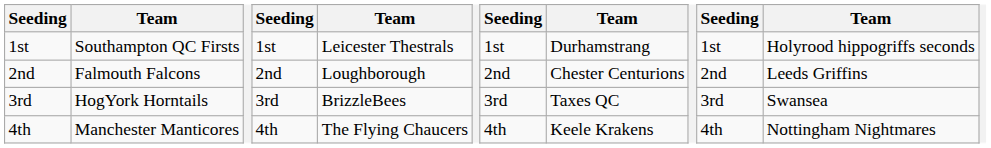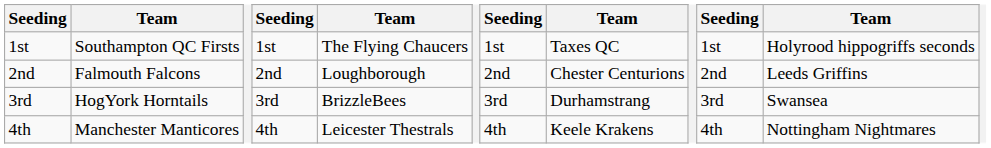 <table class="wikitable" style="border: none;">
 <tr>
 <th>Seeding</th>
 <th>Team</th>
 <th rowspan="10" style="border: none;"></th>
 <th>Seeding</th>
 <th>Team</th>
 <th rowspan="10" style="border: none;"></th>
 <th>Seeding</th>
 <th>Team</th>
 <th rowspan="10" style="border: none;"></th>
 <th>Seeding</th>
 <th>Team</th>
 <th rowspan="10" style="border: none;"></th>
 </tr>
 <tr>
 <td>1st</td>
 <td>Southampton QC Firsts</td>
 <td>1st</td>
-<td>Leicester Thestrals</td>
+<td>The Flying Chaucers</td>
 <td>1st</td>
-<td>Durhamstrang</td>
+<td>Taxes QC</td>
 <td>1st</td>
 <td>Holyrood hippogriffs seconds</td>
 </tr>
 <tr>
 <td>2nd</td>
 <td>Falmouth Falcons</td>
 <td>2nd</td>
 <td>Loughborough</td>
 <td>2nd</td>
 <td>Chester Centurions</td>
 <td>2nd</td>
 <td>Leeds Griffins</td>
 </tr>
 <tr>
 <td>3rd</td>
 <td>HogYork Horntails</td>
 <td>3rd</td>
 <td>BrizzleBees</td>
 <td>3rd</td>
-<td>Taxes QC</td>
+<td>Durhamstrang</td>
 <td>3rd</td>
 <td>Swansea</td>
 </tr>
 <tr>
 <td>4th</td>
 <td>Manchester Manticores</td>
 <td>4th</td>
-<td>The Flying Chaucers</td>
+<td>Leicester Thestrals</td>
 <td>4th</td>
 <td>Keele Krakens</td>
 <td>4th</td>
 <td>Nottingham Nightmares</td>
 </tr>
 </table>
